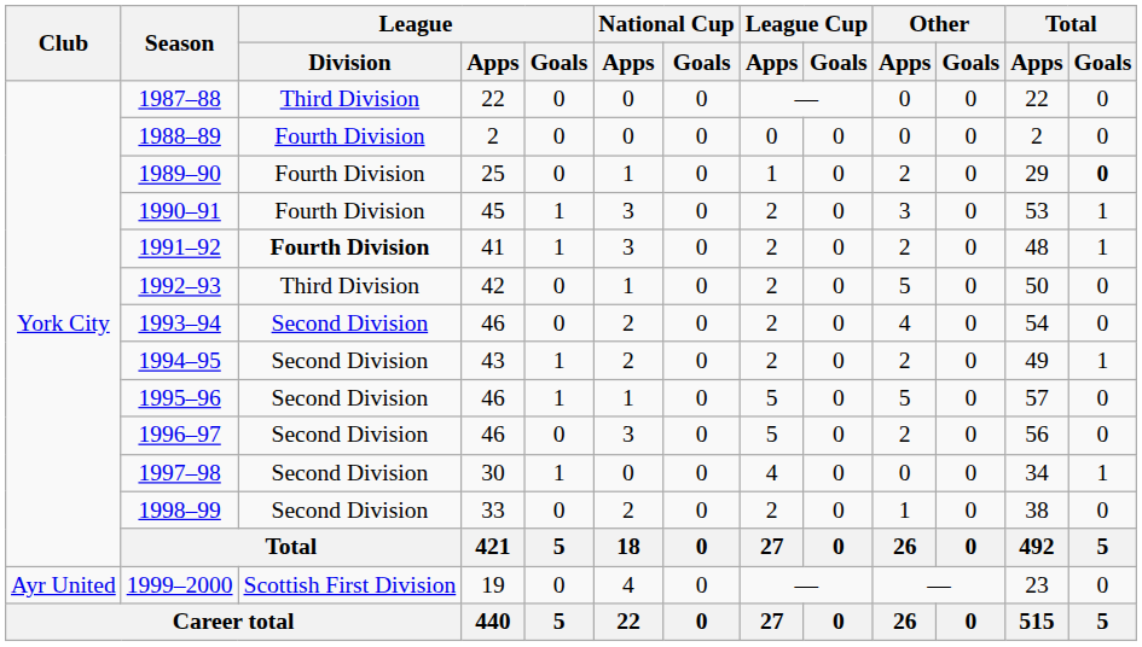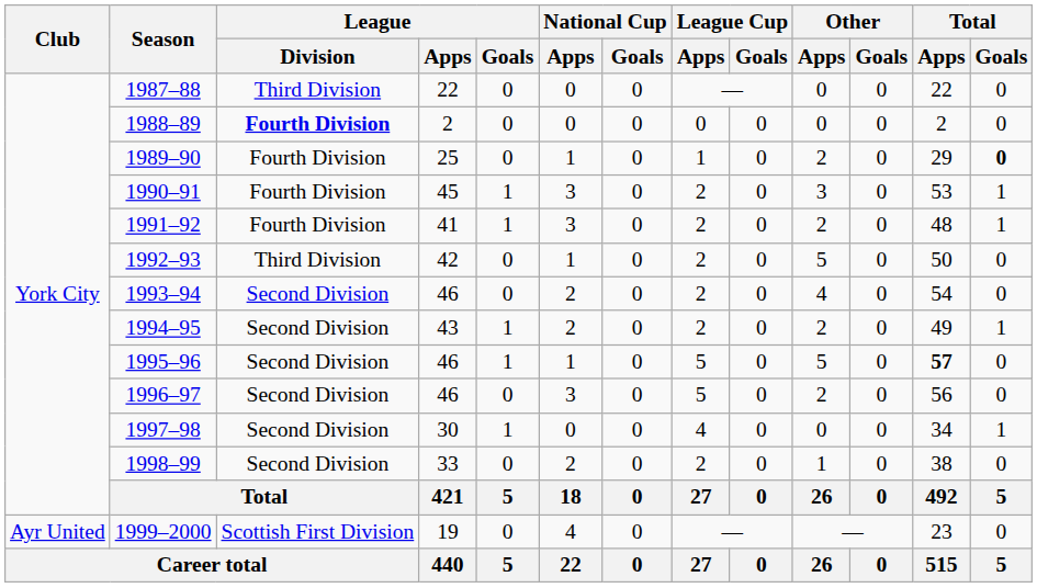 <table class=wikitable style=text-align:center>
 <tr>
 <th rowspan=2>Club</th>
 <th rowspan=2>Season</th>
 <th colspan=3>League</th>
 <th colspan=2>National Cup</th>
 <th colspan=2>League Cup</th>
 <th colspan=2>Other</th>
 <th colspan=2>Total</th>
 </tr>
 <tr>
 <th>Division</th>
 <th>Apps</th>
 <th>Goals</th>
 <th>Apps</th>
 <th>Goals</th>
 <th>Apps</th>
 <th>Goals</th>
 <th>Apps</th>
 <th>Goals</th>
 <th>Apps</th>
 <th>Goals</th>
 </tr>
 <tr>
 <td rowspan=13><a href='#'>York City</a></td>
 <td><a href='#'>1987–88</a></td>
 <td><a href='#'>Third Division</a></td>
 <td>22</td>
 <td>0</td>
 <td>0</td>
 <td>0</td>
 <td colspan=2>—</td>
 <td>0</td>
 <td>0</td>
 <td>22</td>
 <td>0</td>
 </tr>
 <tr>
 <td><a href='#'>1988–89</a></td>
-<td><a href='#'>Fourth Division</a></td>
+<td><strong><a href='#'>Fourth Division</a></strong></td>
 <td>2</td>
 <td>0</td>
 <td>0</td>
 <td>0</td>
 <td>0</td>
 <td>0</td>
 <td>0</td>
 <td>0</td>
 <td>2</td>
 <td>0</td>
 </tr>
 <tr>
 <td><a href='#'>1989–90</a></td>
 <td>Fourth Division</td>
 <td>25</td>
 <td>0</td>
 <td>1</td>
 <td>0</td>
 <td>1</td>
 <td>0</td>
 <td>2</td>
 <td>0</td>
 <td>29</td>
 <td><strong>0</strong></td>
 </tr>
 <tr>
 <td><a href='#'>1990–91</a></td>
 <td>Fourth Division</td>
 <td>45</td>
 <td>1</td>
 <td>3</td>
 <td>0</td>
 <td>2</td>
 <td>0</td>
 <td>3</td>
 <td>0</td>
 <td>53</td>
 <td>1</td>
 </tr>
 <tr>
 <td><a href='#'>1991–92</a></td>
-<td><strong>Fourth Division</strong></td>
+<td>Fourth Division</td>
 <td>41</td>
 <td>1</td>
 <td>3</td>
 <td>0</td>
 <td>2</td>
 <td>0</td>
 <td>2</td>
 <td>0</td>
 <td>48</td>
 <td>1</td>
 </tr>
 <tr>
 <td><a href='#'>1992–93</a></td>
 <td>Third Division</td>
 <td>42</td>
 <td>0</td>
 <td>1</td>
 <td>0</td>
 <td>2</td>
 <td>0</td>
 <td>5</td>
 <td>0</td>
 <td>50</td>
 <td>0</td>
 </tr>
 <tr>
 <td><a href='#'>1993–94</a></td>
 <td><a href='#'>Second Division</a></td>
 <td>46</td>
 <td>0</td>
 <td>2</td>
 <td>0</td>
 <td>2</td>
 <td>0</td>
 <td>4</td>
 <td>0</td>
 <td>54</td>
 <td>0</td>
 </tr>
 <tr>
 <td><a href='#'>1994–95</a></td>
 <td>Second Division</td>
 <td>43</td>
 <td>1</td>
 <td>2</td>
 <td>0</td>
 <td>2</td>
 <td>0</td>
 <td>2</td>
 <td>0</td>
 <td>49</td>
 <td>1</td>
 </tr>
 <tr>
 <td><a href='#'>1995–96</a></td>
 <td>Second Division</td>
 <td>46</td>
 <td>1</td>
 <td>1</td>
 <td>0</td>
 <td>5</td>
 <td>0</td>
 <td>5</td>
 <td>0</td>
-<td>57</td>
+<td><strong>57</strong></td>
 <td>0</td>
 </tr>
 <tr>
 <td><a href='#'>1996–97</a></td>
 <td>Second Division</td>
 <td>46</td>
 <td>0</td>
 <td>3</td>
 <td>0</td>
 <td>5</td>
 <td>0</td>
 <td>2</td>
 <td>0</td>
 <td>56</td>
 <td>0</td>
 </tr>
 <tr>
 <td><a href='#'>1997–98</a></td>
 <td>Second Division</td>
 <td>30</td>
 <td>1</td>
 <td>0</td>
 <td>0</td>
 <td>4</td>
 <td>0</td>
 <td>0</td>
 <td>0</td>
 <td>34</td>
 <td>1</td>
 </tr>
 <tr>
 <td><a href='#'>1998–99</a></td>
 <td>Second Division</td>
 <td>33</td>
 <td>0</td>
 <td>2</td>
 <td>0</td>
 <td>2</td>
 <td>0</td>
 <td>1</td>
 <td>0</td>
 <td>38</td>
 <td>0</td>
 </tr>
 <tr>
 <th colspan=2>Total</th>
 <th>421</th>
 <th>5</th>
 <th>18</th>
 <th>0</th>
 <th>27</th>
 <th>0</th>
 <th>26</th>
 <th>0</th>
 <th>492</th>
 <th>5</th>
 </tr>
 <tr>
 <td><a href='#'>Ayr United</a></td>
 <td><a href='#'>1999–2000</a></td>
 <td><a href='#'>Scottish First Division</a></td>
 <td>19</td>
 <td>0</td>
 <td>4</td>
 <td>0</td>
 <td colspan=2>—</td>
 <td colspan=2>—</td>
 <td>23</td>
 <td>0</td>
 </tr>
 <tr>
 <th colspan=3>Career total</th>
 <th>440</th>
 <th>5</th>
 <th>22</th>
 <th>0</th>
 <th>27</th>
 <th>0</th>
 <th>26</th>
 <th>0</th>
 <th>515</th>
 <th>5</th>
 </tr>
 </table>
